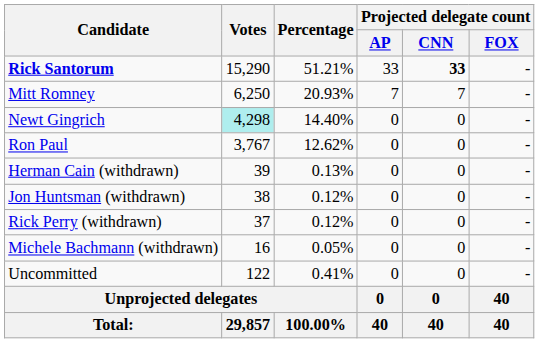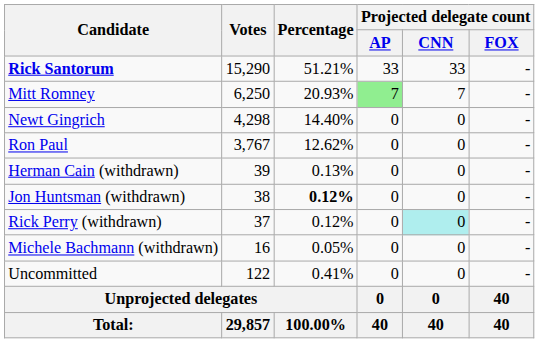 <table class="wikitable" style="text-align:right;">
 <tr>
 <th rowspan="2">Candidate</th>
 <th rowspan="2">Votes</th>
 <th rowspan="2">Percentage</th>
 <th colspan="3">Projected delegate count</th>
 </tr>
 <tr>
 <th><a href='#'>AP</a><br></th>
 <th><a href='#'>CNN</a></th>
 <th><a href='#'>FOX</a><br></th>
 </tr>
 <tr>
 <td style="text-align:left;"> <strong><a href='#'>Rick Santorum</a></strong></td>
 <td>15,290</td>
 <td>51.21%</td>
 <td>33</td>
-<td><strong>33</strong></td>
+<td>33</td>
 <td>-</td>
 </tr>
 <tr>
 <td style="text-align:left;"><a href='#'>Mitt Romney</a></td>
 <td>6,250</td>
 <td>20.93%</td>
-<td>7</td>
+<td style="background: lightgreen;">7</td>
 <td>7</td>
 <td>-</td>
 </tr>
 <tr>
 <td style="text-align:left;"><a href='#'>Newt Gingrich</a></td>
-<td style="background: paleturquoise;">4,298</td>
+<td>4,298</td>
 <td>14.40%</td>
 <td>0</td>
 <td>0</td>
 <td>-</td>
 </tr>
 <tr>
 <td style="text-align:left;"><a href='#'>Ron Paul</a></td>
 <td>3,767</td>
 <td>12.62%</td>
 <td>0</td>
 <td>0</td>
 <td>-</td>
 </tr>
 <tr>
 <td style="text-align:left;"><a href='#'>Herman Cain</a> (withdrawn)</td>
 <td>39</td>
 <td>0.13%</td>
 <td>0</td>
 <td>0</td>
 <td>-</td>
 </tr>
 <tr>
 <td style="text-align:left;"><a href='#'>Jon Huntsman</a> (withdrawn)</td>
 <td>38</td>
-<td>0.12%</td>
+<td><strong>0.12%</strong></td>
 <td>0</td>
 <td>0</td>
 <td>-</td>
 </tr>
 <tr>
 <td style="text-align:left;"><a href='#'>Rick Perry</a> (withdrawn)</td>
 <td>37</td>
 <td>0.12%</td>
 <td>0</td>
-<td>0</td>
+<td style="background: paleturquoise;">0</td>
 <td>-</td>
 </tr>
 <tr>
 <td style="text-align:left;"><a href='#'>Michele Bachmann</a> (withdrawn)</td>
 <td>16</td>
 <td>0.05%</td>
 <td>0</td>
 <td>0</td>
 <td>-</td>
 </tr>
 <tr>
 <td style="text-align:left;">Uncommitted</td>
 <td>122</td>
 <td>0.41%</td>
 <td>0</td>
 <td>0</td>
 <td>-</td>
 </tr>
 <tr style="background:#eee;">
 <th colspan="3">Unprojected delegates</th>
 <th>0</th>
 <th>0</th>
 <th>40</th>
 </tr>
 <tr style="background:#eee;">
 <th>Total:</th>
 <th>29,857</th>
 <th>100.00%</th>
 <th>40</th>
 <th>40</th>
 <th>40</th>
 </tr>
 </table>
